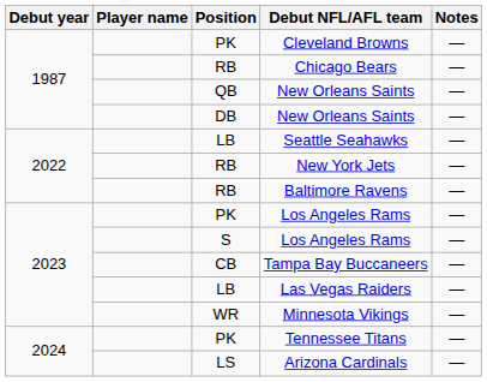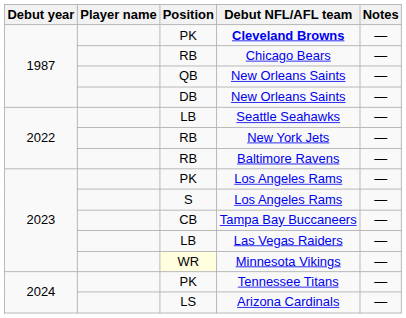 <table class="wikitable sortable" style="text-align: center;">
 <tr>
 <th>Debut year</th>
 <th>Player name</th>
 <th>Position</th>
 <th>Debut NFL/AFL team</th>
 <th>Notes</th>
 </tr>
 <tr>
 <td rowspan="4">1987</td>
 <td align="center"></td>
 <td align="center">PK</td>
-<td align="center"><a href='#'>Cleveland Browns</a></td>
+<td align="center"><strong><a href='#'>Cleveland Browns</a></strong></td>
 <td align="center">—</td>
 </tr>
 <tr>
 <td align="center"></td>
 <td align="center">RB</td>
 <td align="center"><a href='#'>Chicago Bears</a></td>
 <td align="center">—</td>
 </tr>
 <tr>
 <td align="center"></td>
 <td align="center">QB</td>
 <td align="center"><a href='#'>New Orleans Saints</a></td>
 <td align="center">—</td>
 </tr>
 <tr>
 <td align="center"></td>
 <td align="center">DB</td>
 <td align="center"><a href='#'>New Orleans Saints</a></td>
 <td align="center">—</td>
 </tr>
 <tr>
 <td rowspan="3">2022</td>
 <td align="center"></td>
 <td align="center">LB</td>
 <td align="center"><a href='#'>Seattle Seahawks</a></td>
 <td align="center">—</td>
 </tr>
 <tr>
 <td align="center"></td>
 <td align="center">RB</td>
 <td align="center"><a href='#'>New York Jets</a></td>
 <td align="center">—</td>
 </tr>
 <tr>
 <td align="center"></td>
 <td align="center">RB</td>
 <td align="center"><a href='#'>Baltimore Ravens</a></td>
 <td align="center">—</td>
 </tr>
 <tr>
 <td rowspan="5">2023</td>
 <td align="center"></td>
 <td align="center">PK</td>
 <td align="center"><a href='#'>Los Angeles Rams</a></td>
 <td align="center">—</td>
 </tr>
 <tr>
 <td align="center"></td>
 <td align="center">S</td>
 <td align="center"><a href='#'>Los Angeles Rams</a></td>
 <td align="center">—</td>
 </tr>
 <tr>
 <td align="center"></td>
 <td align="center">CB</td>
 <td align="center"><a href='#'>Tampa Bay Buccaneers</a></td>
 <td align="center">—</td>
 </tr>
 <tr>
 <td align="center"></td>
 <td align="center">LB</td>
 <td align="center"><a href='#'>Las Vegas Raiders</a></td>
 <td align="center">—</td>
 </tr>
 <tr>
 <td align="center"></td>
-<td align="center">WR</td>
+<td align="center" style="background: lightyellow;">WR</td>
 <td align="center"><a href='#'>Minnesota Vikings</a></td>
 <td align="center">—</td>
 </tr>
 <tr>
 <td rowspan="2">2024</td>
 <td align="center"></td>
 <td align="center">PK</td>
 <td align="center"><a href='#'>Tennessee Titans</a></td>
 <td align="center">—</td>
 </tr>
 <tr>
 <td align="center"></td>
 <td align="center">LS</td>
 <td align="center"><a href='#'>Arizona Cardinals</a></td>
 <td align="center">—</td>
 </tr>
 </table>
